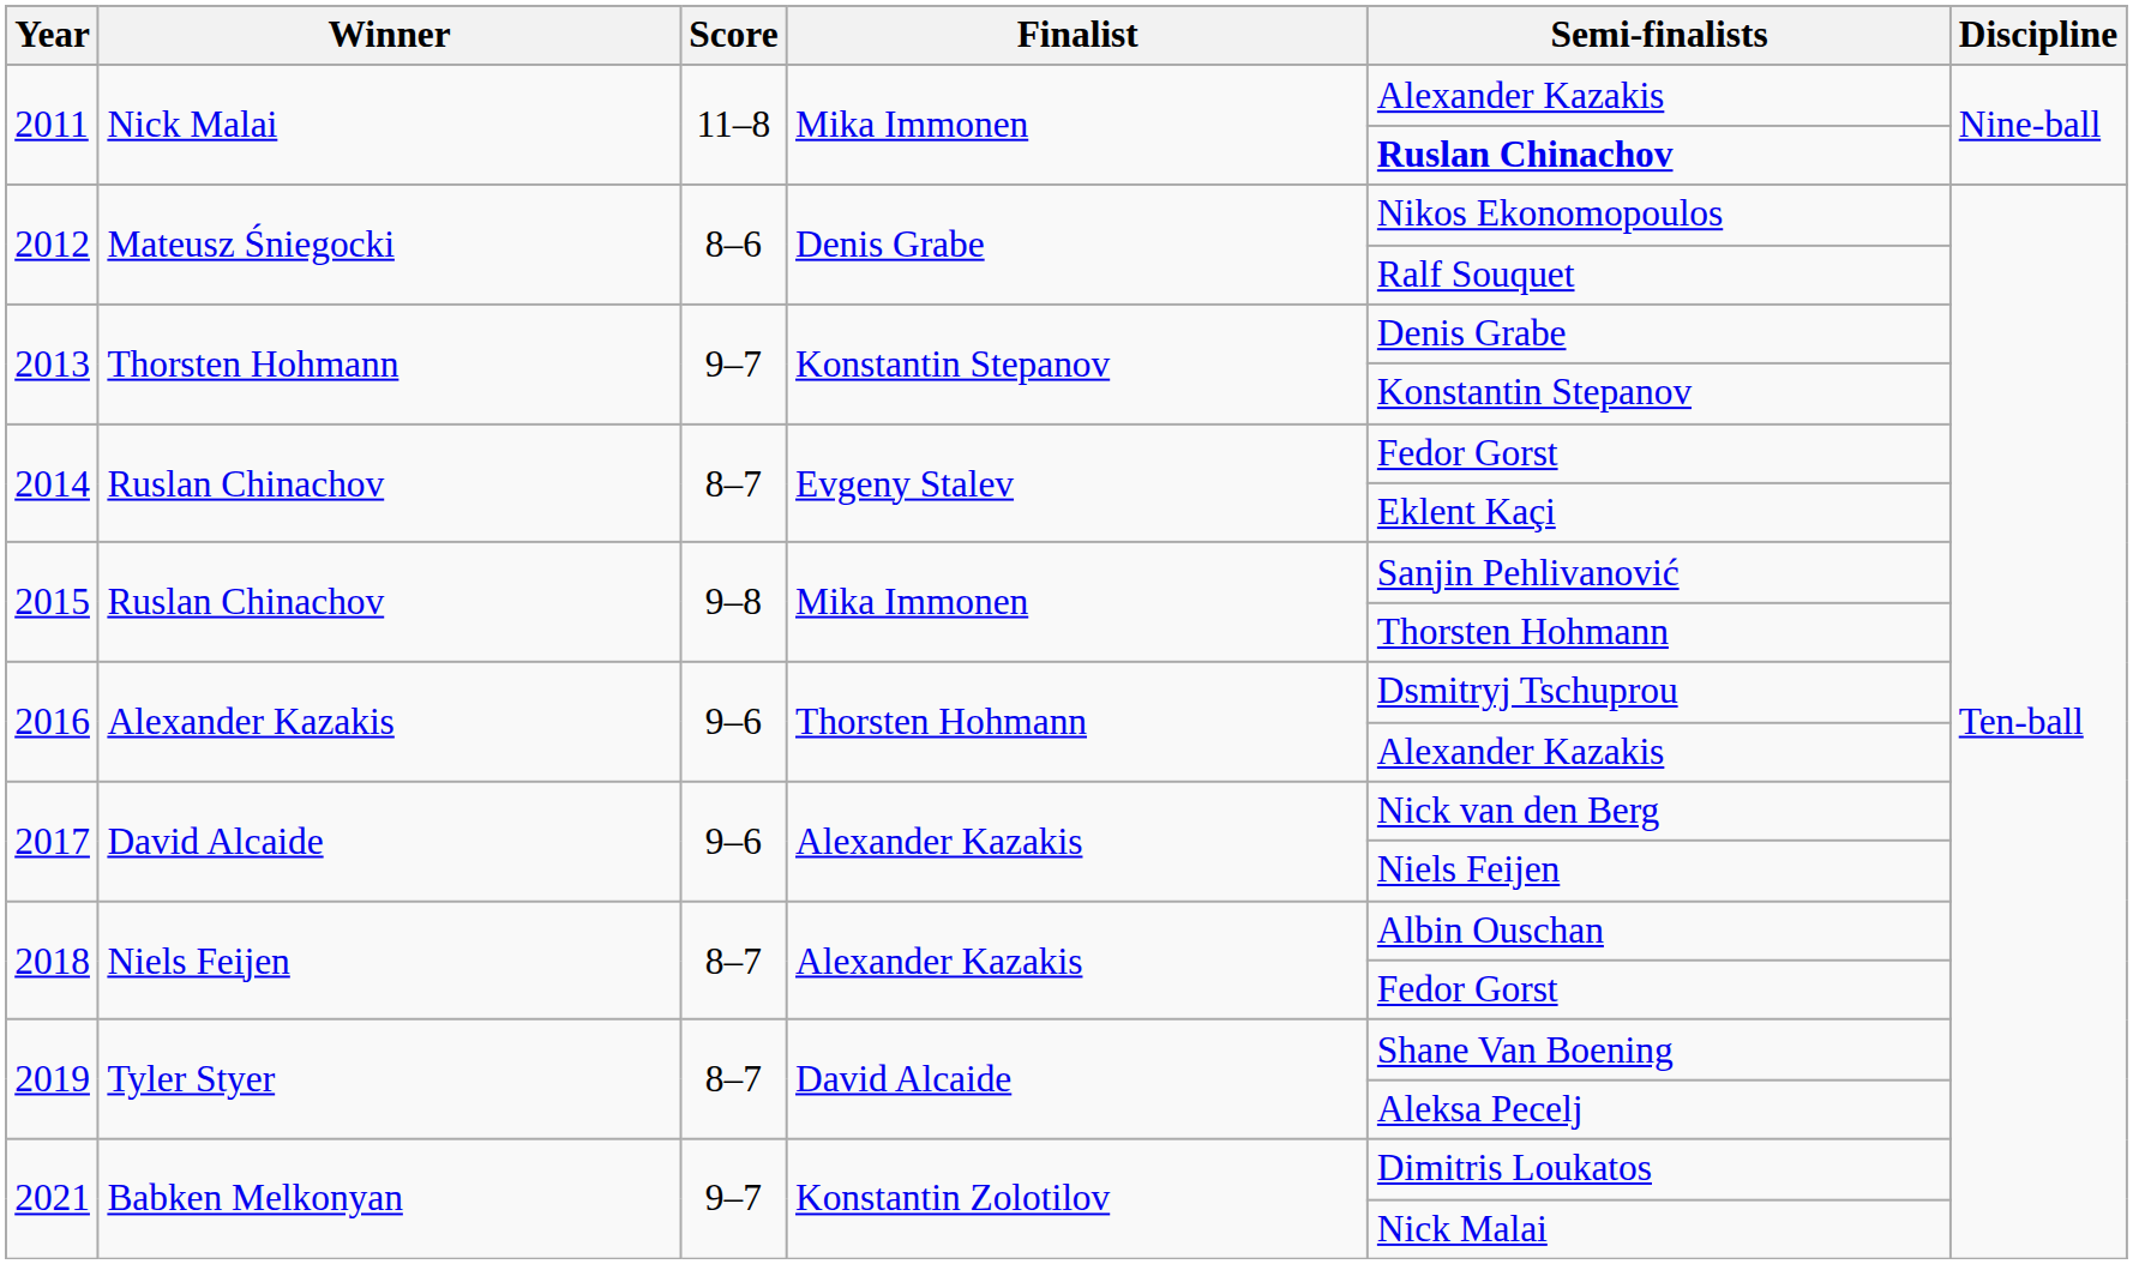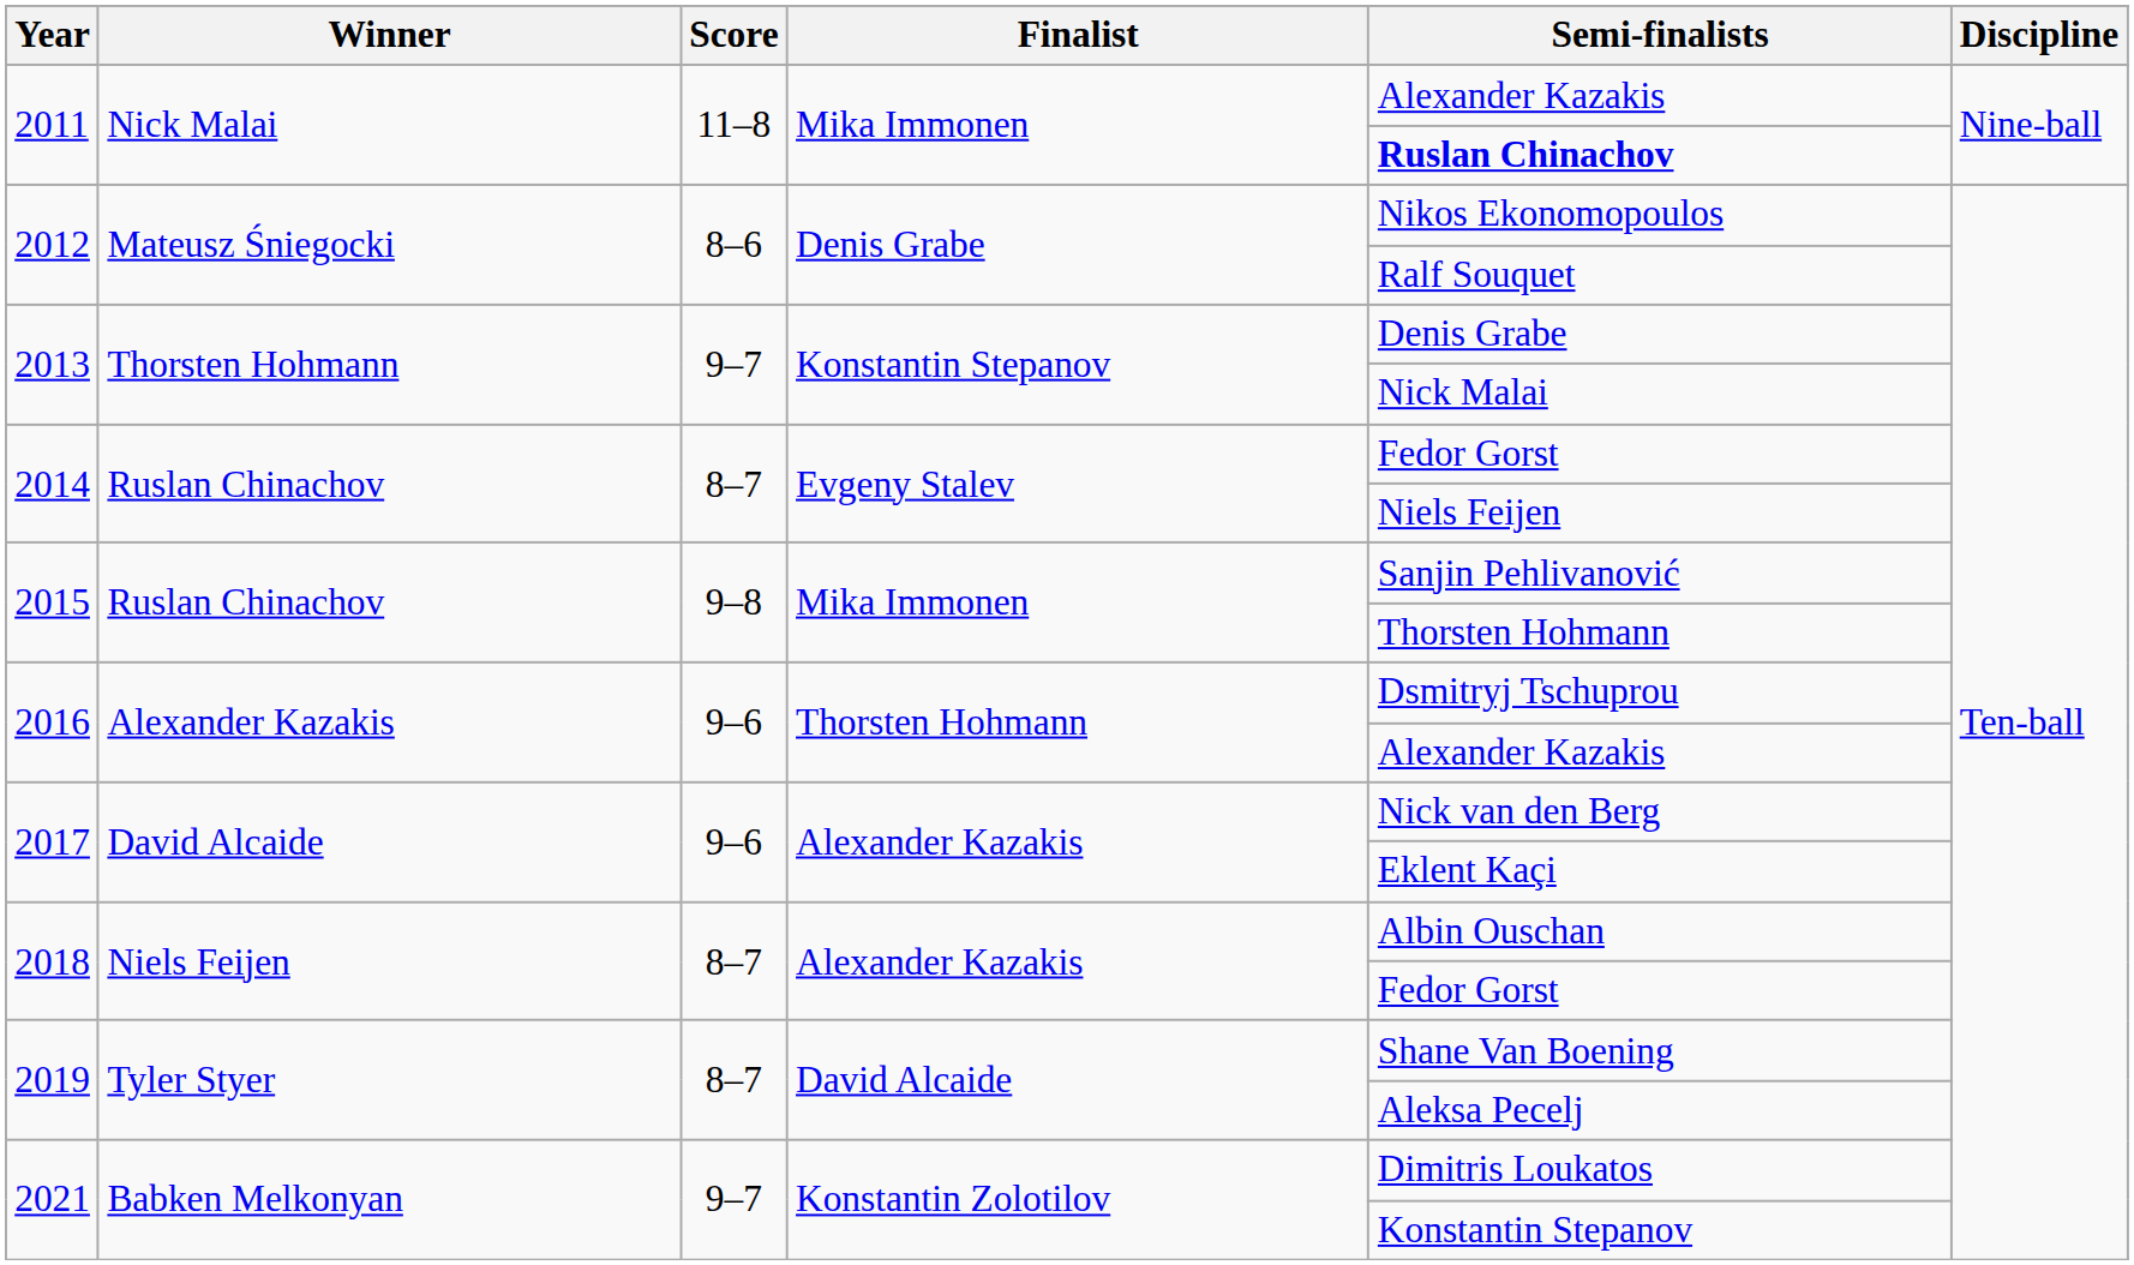 <table class="wikitable sortable">
 <tr>
 <th>Year</th>
 <th style="width:15em">Winner</th>
 <th>Score</th>
 <th style="width:15em">Finalist</th>
 <th style="width:15em">Semi-finalists</th>
 <th>Discipline</th>
 </tr>
 <tr>
 <td rowspan="2"><a href='#'>2011</a></td>
 <td rowspan="2"> <a href='#'>Nick Malai</a></td>
 <td rowspan="2" align="center">11–8</td>
 <td rowspan="2"> <a href='#'>Mika Immonen</a></td>
 <td> <a href='#'>Alexander Kazakis</a></td>
 <td rowspan="2"><a href='#'>Nine-ball</a></td>
 </tr>
 <tr>
 <td><strong> <a href='#'>Ruslan Chinachov</a></strong></td>
 </tr>
 <tr>
 <td rowspan="2"><a href='#'>2012</a></td>
 <td rowspan="2"> <a href='#'>Mateusz Śniegocki</a></td>
 <td rowspan="2" align="center">8–6</td>
 <td rowspan="2"> <a href='#'>Denis Grabe</a></td>
 <td> <a href='#'>Nikos Ekonomopoulos</a></td>
 <td rowspan="18"><a href='#'>Ten-ball</a></td>
 </tr>
 <tr>
 <td> <a href='#'>Ralf Souquet</a></td>
 </tr>
 <tr>
 <td rowspan="2"><a href='#'>2013</a></td>
 <td rowspan="2"> <a href='#'>Thorsten Hohmann</a></td>
 <td rowspan="2" align="center">9–7</td>
 <td rowspan="2"> <a href='#'>Konstantin Stepanov</a></td>
 <td> <a href='#'>Denis Grabe</a></td>
 </tr>
 <tr>
-<td> <a href='#'>Konstantin Stepanov</a></td>
+<td> <a href='#'>Nick Malai</a></td>
 </tr>
 <tr>
 <td rowspan="2"><a href='#'>2014</a></td>
 <td rowspan="2"> <a href='#'>Ruslan Chinachov</a></td>
 <td rowspan="2" align="center">8–7</td>
 <td rowspan="2"> <a href='#'>Evgeny Stalev</a></td>
 <td> <a href='#'>Fedor Gorst</a></td>
 </tr>
 <tr>
-<td> <a href='#'>Eklent Kaçi</a></td>
+<td> <a href='#'>Niels Feijen</a></td>
 </tr>
 <tr>
 <td rowspan="2"><a href='#'>2015</a></td>
 <td rowspan="2"> <a href='#'>Ruslan Chinachov</a></td>
 <td rowspan="2" align="center">9–8</td>
 <td rowspan="2"> <a href='#'>Mika Immonen</a></td>
 <td> <a href='#'>Sanjin Pehlivanović</a></td>
 </tr>
 <tr>
 <td> <a href='#'>Thorsten Hohmann</a></td>
 </tr>
 <tr>
 <td rowspan="2"><a href='#'>2016</a></td>
 <td rowspan="2"> <a href='#'>Alexander Kazakis</a></td>
 <td rowspan="2" align="center">9–6</td>
 <td rowspan="2"> <a href='#'>Thorsten Hohmann</a></td>
 <td> <a href='#'>Dsmitryj Tschuprou</a></td>
 </tr>
 <tr>
 <td> <a href='#'>Alexander Kazakis</a></td>
 </tr>
 <tr>
 <td rowspan="2"><a href='#'>2017</a></td>
 <td rowspan="2"> <a href='#'>David Alcaide</a></td>
 <td rowspan="2" align="center">9–6</td>
 <td rowspan="2"> <a href='#'>Alexander Kazakis</a></td>
 <td> <a href='#'>Nick van den Berg</a></td>
 </tr>
 <tr>
-<td> <a href='#'>Niels Feijen</a></td>
+<td> <a href='#'>Eklent Kaçi</a></td>
 </tr>
 <tr>
 <td rowspan="2"><a href='#'>2018</a></td>
 <td rowspan="2"> <a href='#'>Niels Feijen</a></td>
 <td rowspan="2" align="center">8–7</td>
 <td rowspan="2"> <a href='#'>Alexander Kazakis</a></td>
 <td> <a href='#'>Albin Ouschan</a></td>
 </tr>
 <tr>
 <td> <a href='#'>Fedor Gorst</a></td>
 </tr>
 <tr>
 <td rowspan="2"><a href='#'>2019</a></td>
 <td rowspan="2"> <a href='#'>Tyler Styer</a></td>
 <td rowspan="2" align="center">8–7</td>
 <td rowspan="2"> <a href='#'>David Alcaide</a></td>
 <td> <a href='#'>Shane Van Boening</a></td>
 </tr>
 <tr>
 <td> <a href='#'>Aleksa Pecelj</a></td>
 </tr>
 <tr>
 <td rowspan="2"><a href='#'>2021</a></td>
 <td rowspan="2"> <a href='#'>Babken Melkonyan</a></td>
 <td rowspan="2" align="center">9–7</td>
 <td rowspan="2"> <a href='#'>Konstantin Zolotilov</a></td>
 <td> <a href='#'>Dimitris Loukatos</a></td>
 </tr>
 <tr>
-<td> <a href='#'>Nick Malai</a></td>
+<td> <a href='#'>Konstantin Stepanov</a></td>
 </tr>
 </table>
